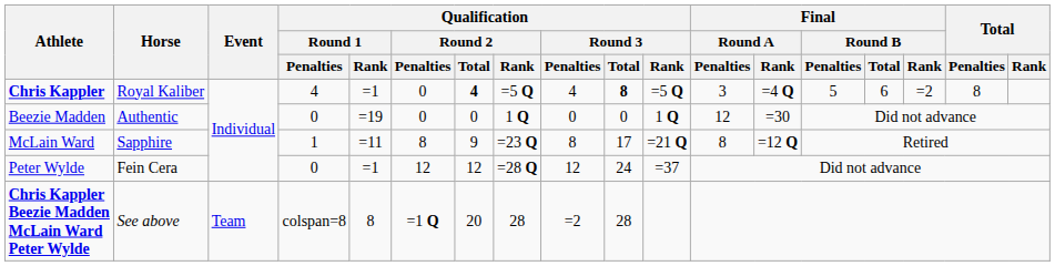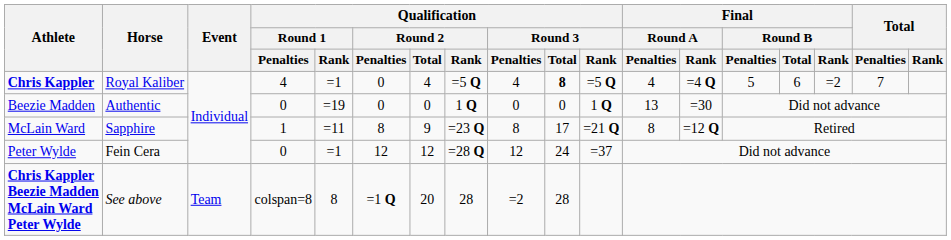 <table class=wikitable style=font-size:90%;text-align:center>
 <tr>
 <th rowspan=3>Athlete</th>
 <th rowspan=3>Horse</th>
 <th rowspan=3>Event</th>
 <th colspan="8">Qualification</th>
 <th colspan="5">Final</th>
 <th rowspan=2 colspan=2>Total</th>
 </tr>
 <tr style=font-size:95%>
 <th colspan=2>Round 1</th>
 <th colspan=3>Round 2</th>
 <th colspan=3>Round 3</th>
 <th colspan=2>Round A</th>
 <th colspan=3>Round B</th>
 </tr>
 <tr style=font-size:95%>
 <th>Penalties</th>
 <th>Rank</th>
 <th>Penalties</th>
 <th>Total</th>
 <th>Rank</th>
 <th>Penalties</th>
 <th>Total</th>
 <th>Rank</th>
 <th>Penalties</th>
 <th>Rank</th>
 <th>Penalties</th>
 <th>Total</th>
 <th>Rank</th>
 <th>Penalties</th>
 <th>Rank</th>
 </tr>
 <tr>
 <td align=left><strong><a href='#'>Chris Kappler</a></strong></td>
 <td align=left><a href='#'>Royal Kaliber</a></td>
 <td align=left rowspan=4><a href='#'>Individual</a></td>
 <td>4</td>
 <td>=1</td>
 <td>0</td>
-<td><strong>4</strong></td>
+<td>4</td>
 <td>=5 <strong>Q</strong></td>
 <td>4</td>
 <td><strong>8</strong></td>
 <td>=5 <strong>Q</strong></td>
-<td>3</td>
+<td>4</td>
 <td>=4 <strong>Q</strong></td>
 <td>5</td>
 <td>6</td>
 <td>=2</td>
-<td>8</td>
+<td>7</td>
 <td></td>
 </tr>
 <tr>
 <td align=left><a href='#'>Beezie Madden</a></td>
 <td align=left><a href='#'>Authentic</a></td>
 <td>0</td>
 <td>=19</td>
 <td>0</td>
 <td>0</td>
 <td>1 <strong>Q</strong></td>
 <td>0</td>
 <td>0</td>
 <td>1 <strong>Q</strong></td>
-<td>12</td>
+<td>13</td>
 <td>=30</td>
 <td colspan=5>Did not advance</td>
 </tr>
 <tr>
 <td align=left><a href='#'>McLain Ward</a></td>
 <td align=left><a href='#'>Sapphire</a></td>
 <td>1</td>
 <td>=11</td>
 <td>8</td>
 <td>9</td>
 <td>=23 <strong>Q</strong></td>
 <td>8</td>
 <td>17</td>
 <td>=21 <strong>Q</strong></td>
 <td>8</td>
 <td>=12 <strong>Q</strong></td>
 <td colspan=5>Retired</td>
 </tr>
 <tr>
 <td align=left><a href='#'>Peter Wylde</a></td>
 <td align=left>Fein Cera</td>
 <td>0</td>
 <td>=1</td>
 <td>12</td>
 <td>12</td>
 <td>=28 <strong>Q</strong></td>
 <td>12</td>
 <td>24</td>
 <td>=37</td>
 <td colspan=7>Did not advance</td>
 </tr>
 <tr>
 <td align=left><strong><a href='#'>Chris Kappler</a><br><a href='#'>Beezie Madden</a><br><a href='#'>McLain Ward</a><br><a href='#'>Peter Wylde</a></strong></td>
 <td align=left><em>See above</em></td>
 <td align=left><a href='#'>Team</a></td>
 <td>colspan=8 </td>
 <td>8</td>
 <td>=1 <strong>Q</strong></td>
 <td>20</td>
 <td>28</td>
 <td>=2</td>
 <td>28</td>
 <td></td>
 </tr>
 </table>
